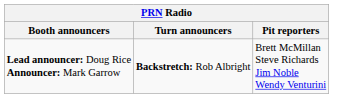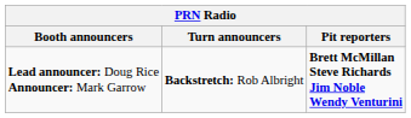 <table class="wikitable" style="font-size: 95%;">
 <tr>
 <th colspan="3"><a href='#'>PRN</a> Radio</th>
 </tr>
 <tr>
 <th>Booth announcers</th>
 <th>Turn announcers</th>
 <th>Pit reporters</th>
 </tr>
 <tr>
 <td><strong>Lead announcer:</strong> Doug Rice<br><strong>Announcer:</strong> Mark Garrow</td>
 <td><strong>Backstretch:</strong> Rob Albright</td>
-<td>Brett McMillan<br>Steve Richards<br><a href='#'>Jim Noble</a><br><a href='#'>Wendy Venturini</a></td>
+<td><strong>Brett McMillan<br>Steve Richards<br><a href='#'>Jim Noble</a><br><a href='#'>Wendy Venturini</a></strong></td>
 </tr>
 </table>
